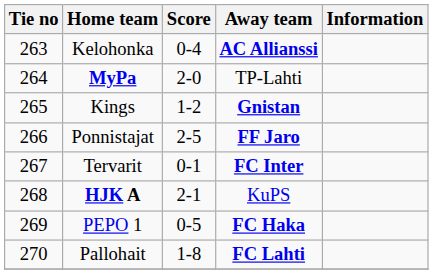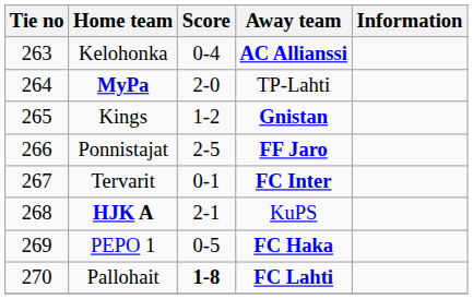 <table class="wikitable" style="text-align:center">
 <tr>
 <th style= width="40px">Tie no</th>
 <th style= width="150px">Home team</th>
 <th style= width="60px">Score</th>
 <th style= width="150px">Away team</th>
 <th style= width="30px">Information</th>
 </tr>
 <tr>
 <td>263</td>
 <td>Kelohonka</td>
 <td>0-4</td>
 <td><strong><a href='#'>AC Allianssi</a></strong></td>
 <td></td>
 </tr>
 <tr>
 <td>264</td>
 <td><strong><a href='#'>MyPa</a></strong></td>
 <td>2-0</td>
 <td>TP-Lahti</td>
 <td></td>
 </tr>
 <tr>
 <td>265</td>
 <td>Kings</td>
 <td>1-2</td>
 <td><strong><a href='#'>Gnistan</a></strong></td>
 <td></td>
 </tr>
 <tr>
 <td>266</td>
 <td>Ponnistajat</td>
 <td>2-5</td>
 <td><strong><a href='#'>FF Jaro</a></strong></td>
 <td></td>
 </tr>
 <tr>
 <td>267</td>
 <td>Tervarit</td>
 <td>0-1</td>
 <td><strong><a href='#'>FC Inter</a></strong></td>
 <td></td>
 </tr>
 <tr>
 <td>268</td>
 <td><strong><a href='#'>HJK</a> A</strong></td>
 <td>2-1</td>
 <td><a href='#'>KuPS</a></td>
 <td></td>
 </tr>
 <tr>
 <td>269</td>
 <td><a href='#'>PEPO</a> 1</td>
 <td>0-5</td>
 <td><strong><a href='#'>FC Haka</a></strong></td>
 <td></td>
 </tr>
 <tr>
 <td>270</td>
 <td>Pallohait</td>
-<td>1-8</td>
+<td><strong>1-8</strong></td>
 <td><strong><a href='#'>FC Lahti</a></strong></td>
 <td></td>
 </tr>
 <tr>
 </tr>
 </table>
